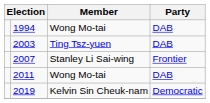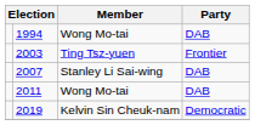 <table class="wikitable">
 <tr>
 <th colspan="2">Election</th>
 <th>Member</th>
 <th>Party</th>
 </tr>
 <tr>
 <td style="color:inherit;background:"></td>
 <td><a href='#'>1994</a></td>
 <td>Wong Mo-tai</td>
 <td><a href='#'>DAB</a></td>
 </tr>
 <tr>
 <td style="color:inherit;background:"></td>
 <td><a href='#'>2003</a></td>
 <td><a href='#'>Ting Tsz-yuen</a></td>
-<td><a href='#'>DAB</a></td>
+<td><a href='#'>Frontier</a></td>
 </tr>
 <tr>
 <td style="color:inherit;background:"></td>
 <td><a href='#'>2007</a></td>
 <td>Stanley Li Sai-wing</td>
-<td><a href='#'>Frontier</a></td>
+<td><a href='#'>DAB</a></td>
 </tr>
 <tr>
 <td style="color:inherit;background:"></td>
 <td><a href='#'>2011</a></td>
 <td>Wong Mo-tai</td>
 <td><a href='#'>DAB</a></td>
 </tr>
 <tr>
 <td style="color:inherit;background:"></td>
 <td><a href='#'>2019</a></td>
 <td>Kelvin Sin Cheuk-nam</td>
 <td><a href='#'>Democratic</a></td>
 </tr>
 <tr>
 </tr>
 </table>
